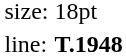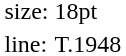 <table style="margin-left:40px;">
 <tr>
 <td>size:</td>
 <td>18pt</td>
 </tr>
 <tr>
 <td>line:</td>
-<td><strong>T.1948</strong></td>
+<td>T.1948</td>
 </tr>
 </table>
